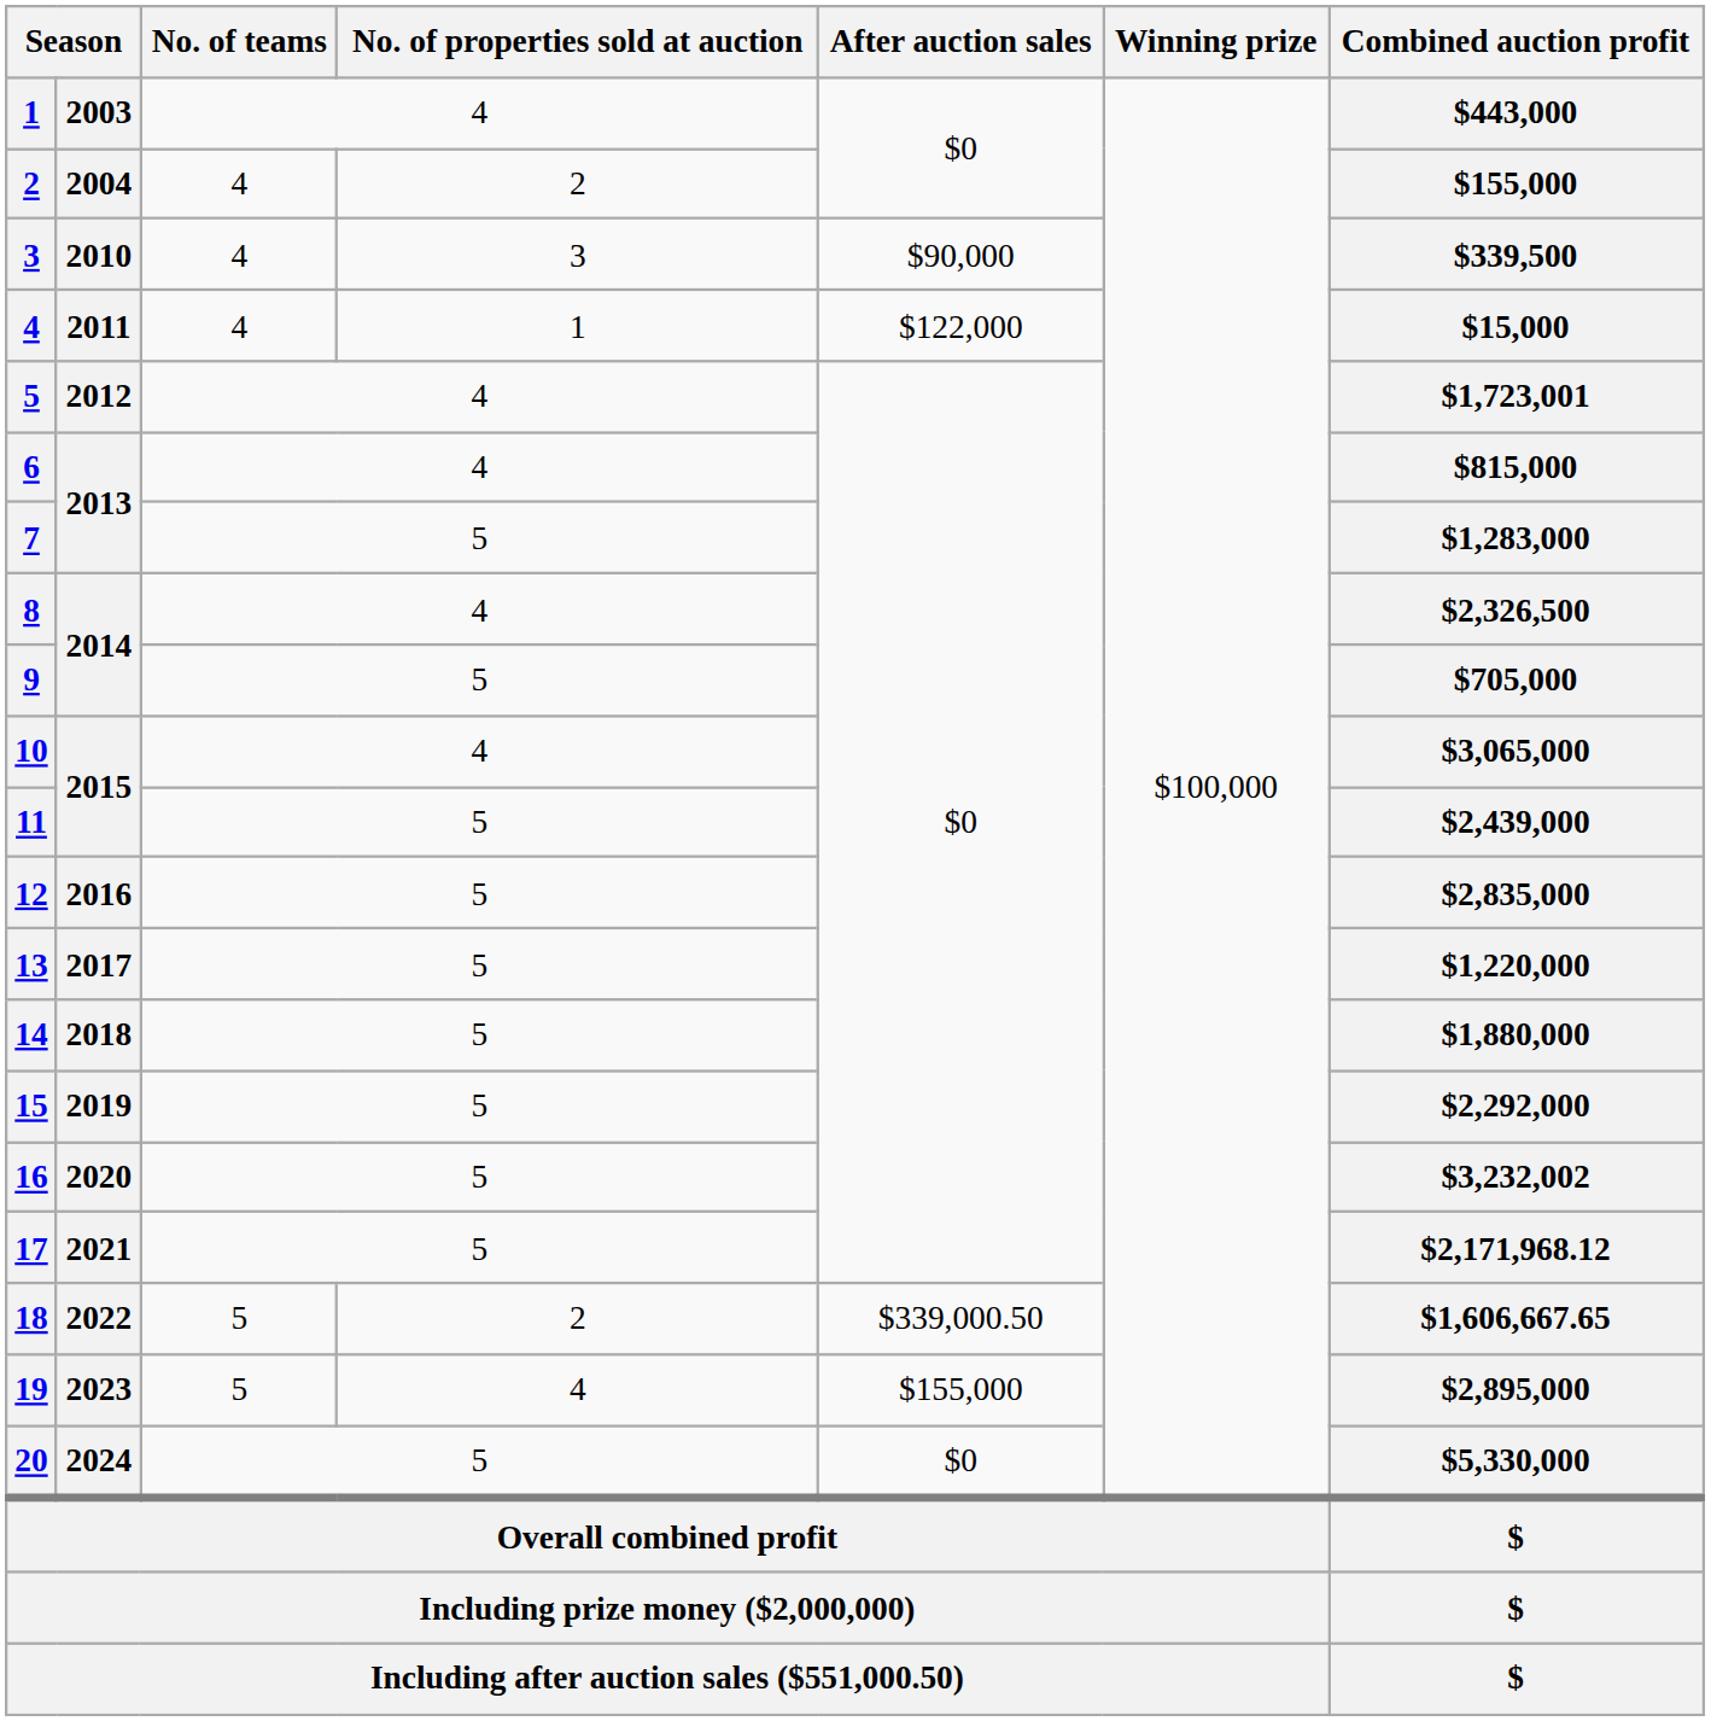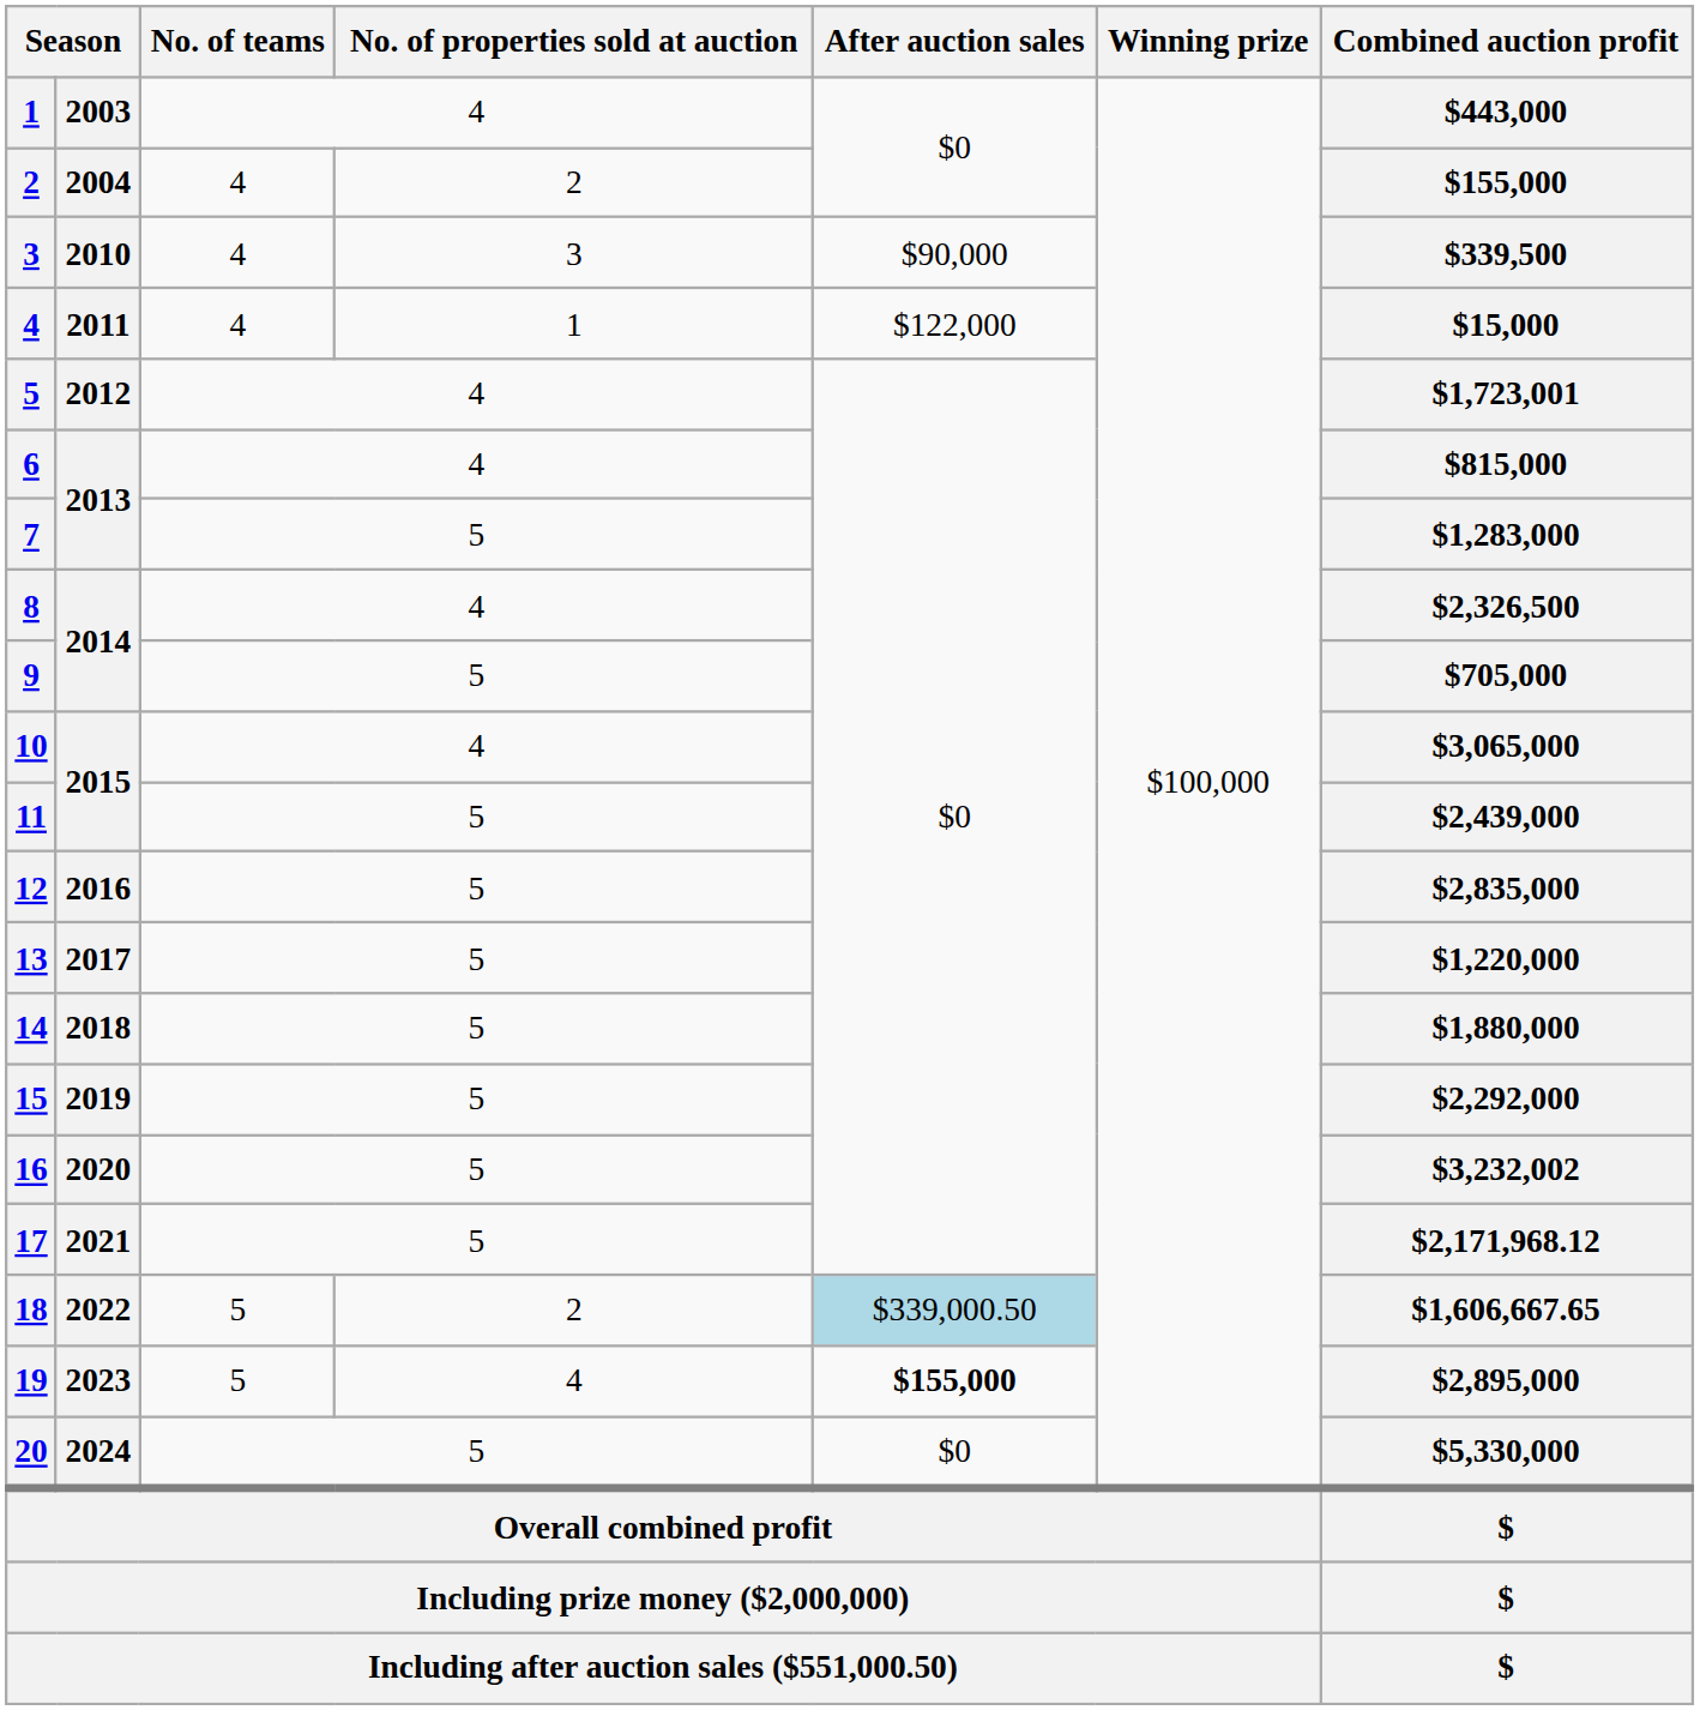 <table class="wikitable sortable" style="text-align: center; font-size: 9pt; line-height:20px; width:99%">
 <tr>
 <th colspan="2">Season</th>
 <th>No. of teams</th>
 <th>No. of properties sold at auction</th>
 <th>After auction sales</th>
 <th>Winning prize</th>
 <th>Combined auction profit</th>
 </tr>
 <tr>
 <th><a href='#'>1</a></th>
 <th>2003</th>
 <td colspan="2">4</td>
 <td rowspan="2">$0</td>
 <td rowspan="20">$100,000</td>
 <th>$443,000</th>
 </tr>
 <tr>
 <th><a href='#'>2</a></th>
 <th>2004</th>
 <td>4</td>
 <td>2</td>
 <th>$155,000</th>
 </tr>
 <tr>
 <th><a href='#'>3</a></th>
 <th>2010</th>
 <td>4</td>
 <td>3</td>
 <td>$90,000</td>
 <th>$339,500</th>
 </tr>
 <tr>
 <th><a href='#'>4</a></th>
 <th>2011</th>
 <td>4</td>
 <td>1</td>
 <td>$122,000</td>
 <th>$15,000</th>
 </tr>
 <tr>
 <th><a href='#'>5</a></th>
 <th>2012</th>
 <td colspan="2">4</td>
 <td rowspan="13">$0</td>
 <th>$1,723,001</th>
 </tr>
 <tr>
 <th><a href='#'>6</a></th>
 <th rowspan="2">2013</th>
 <td colspan="2">4</td>
 <th>$815,000</th>
 </tr>
 <tr>
 <th><a href='#'>7</a></th>
 <td colspan="2">5</td>
 <th>$1,283,000</th>
 </tr>
 <tr>
 <th><a href='#'>8</a></th>
 <th rowspan="2">2014</th>
 <td colspan="2">4</td>
 <th>$2,326,500</th>
 </tr>
 <tr>
 <th><a href='#'>9</a></th>
 <td colspan="2">5</td>
 <th>$705,000</th>
 </tr>
 <tr>
 <th><a href='#'>10</a></th>
 <th rowspan="2">2015</th>
 <td colspan="2">4</td>
 <th>$3,065,000</th>
 </tr>
 <tr>
 <th><a href='#'>11</a></th>
 <td colspan="2">5</td>
 <th>$2,439,000</th>
 </tr>
 <tr>
 <th><a href='#'>12</a></th>
 <th>2016</th>
 <td colspan="2">5</td>
 <th>$2,835,000</th>
 </tr>
 <tr>
 <th><a href='#'>13</a></th>
 <th>2017</th>
 <td colspan=2>5</td>
 <th>$1,220,000</th>
 </tr>
 <tr>
 <th><a href='#'>14</a></th>
 <th>2018</th>
 <td colspan=2>5</td>
 <th>$1,880,000</th>
 </tr>
 <tr>
 <th><a href='#'>15</a></th>
 <th>2019</th>
 <td colspan=2>5</td>
 <th>$2,292,000</th>
 </tr>
 <tr>
 <th><a href='#'>16</a></th>
 <th>2020</th>
 <td colspan=2>5</td>
 <th>$3,232,002</th>
 </tr>
 <tr>
 <th><a href='#'>17</a></th>
 <th>2021</th>
 <td colspan=2>5</td>
 <th>$2,171,968.12</th>
 </tr>
 <tr>
 <th><a href='#'>18</a></th>
 <th>2022</th>
 <td>5</td>
 <td>2</td>
-<td>$339,000.50</td>
+<td style="background: lightblue;">$339,000.50</td>
 <th>$1,606,667.65</th>
 </tr>
 <tr>
 <th><a href='#'>19</a></th>
 <th>2023</th>
 <td>5</td>
 <td>4</td>
-<td>$155,000</td>
+<td><strong>$155,000</strong></td>
 <th>$2,895,000</th>
 </tr>
 <tr>
 <th><a href='#'>20</a></th>
 <th>2024</th>
 <td colspan=2>5</td>
 <td>$0</td>
 <th>$5,330,000</th>
 </tr>
 <tr style="border-top:3px solid gray; font-weight:bold;">
 <th colspan="6">Overall combined profit</th>
 <th>$</th>
 </tr>
 <tr>
 <th colspan="6">Including prize money ($2,000,000)</th>
 <th>$</th>
 </tr>
 <tr>
 <th colspan="6">Including after auction sales ($551,000.50)</th>
 <th>$</th>
 </tr>
 </table>
